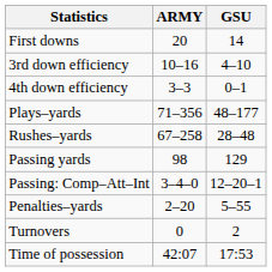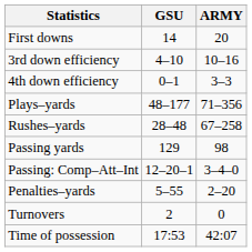 <table class="wikitable">
 <tr>
 <th>Statistics</th>
+<th>GSU</th>
 <th>ARMY</th>
-<th>GSU</th>
 </tr>
 <tr>
 <td>First downs</td>
+<td align=center>14</td>
 <td align=center>20</td>
-<td align=center>14</td>
 </tr>
 <tr>
 <td>3rd down efficiency</td>
+<td align=center>4–10</td>
 <td align=center>10–16</td>
-<td align=center>4–10</td>
 </tr>
 <tr>
 <td>4th down efficiency</td>
+<td align=center>0–1</td>
 <td align=center>3–3</td>
-<td align=center>0–1</td>
 </tr>
 <tr>
 <td>Plays–yards</td>
+<td align=center>48–177</td>
 <td align=center>71–356</td>
-<td align=center>48–177</td>
 </tr>
 <tr>
 <td>Rushes–yards</td>
+<td align=center>28–48</td>
 <td align=center>67–258</td>
-<td align=center>28–48</td>
 </tr>
 <tr>
 <td>Passing yards</td>
+<td align=center>129</td>
 <td align=center>98</td>
-<td align=center>129</td>
 </tr>
 <tr>
 <td>Passing: Comp–Att–Int</td>
+<td align=center>12–20–1</td>
 <td align=center>3–4–0</td>
-<td align=center>12–20–1</td>
 </tr>
 <tr>
 <td>Penalties–yards</td>
+<td align=center>5–55</td>
 <td align=center>2–20</td>
-<td align=center>5–55</td>
 </tr>
 <tr>
 <td>Turnovers</td>
+<td align=center>2</td>
 <td align=center>0</td>
-<td align=center>2</td>
 </tr>
 <tr>
 <td>Time of possession</td>
+<td align=center>17:53</td>
 <td align=center>42:07</td>
-<td align=center>17:53</td>
 </tr>
 </table>
